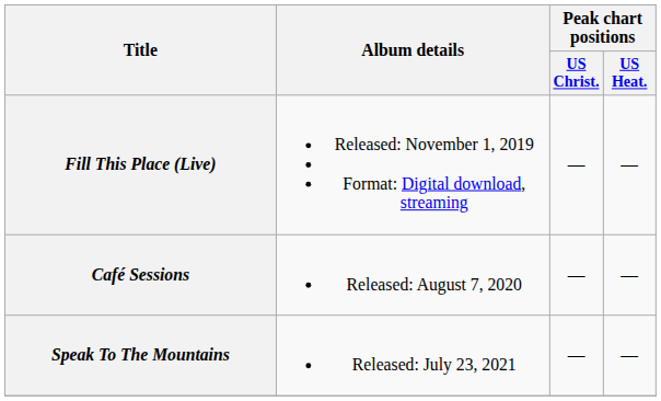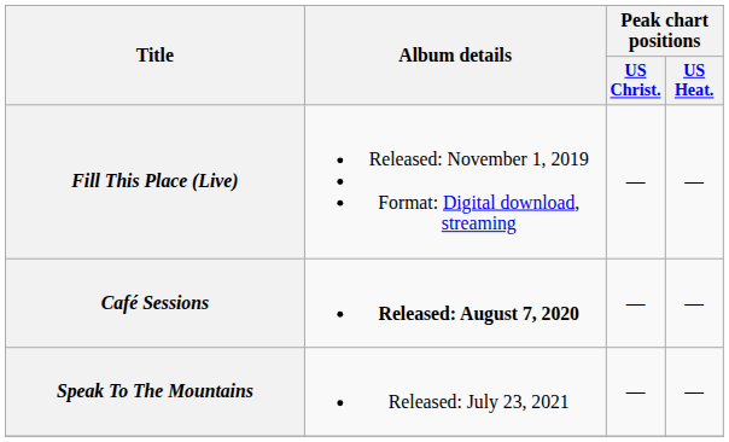 <table class="wikitable plainrowheaders" style="text-align:center;">
 <tr>
 <th scope="col" rowspan="2" style="width:16em;">Title</th>
 <th scope="col" rowspan="2" style="width:16em;">Album details</th>
 <th scope="col" colspan="2">Peak chart positions</th>
 </tr>
 <tr>
 <th style="width:3em; font-size:90%"><a href='#'>US<br>Christ.</a><br></th>
 <th style="width:3em; font-size:90%"><a href='#'>US<br>Heat.</a><br></th>
 </tr>
 <tr>
 <th scope="row"><em>Fill This Place (Live)</em></th>
 <td><br><ul><li>Released: November 1, 2019</li><li></li><li>Format: <a href='#'>Digital download</a>, <a href='#'>streaming</a></li></ul></td>
 <td>—</td>
 <td>—</td>
 </tr>
 <tr>
 <th scope="row"><em>Café Sessions</em></th>
-<td><br><ul><li>Released: August 7, 2020</li></ul></td>
+<td><strong><br><ul><li>Released: August 7, 2020</li></ul></strong></td>
 <td>—</td>
 <td>—</td>
 </tr>
 <tr>
 <th scope="row"><em>Speak To The Mountains</em></th>
 <td><br><ul><li>Released: July 23, 2021</li></ul></td>
 <td>—</td>
 <td>—</td>
 </tr>
 <tr>
 </tr>
 </table>
